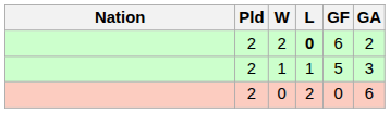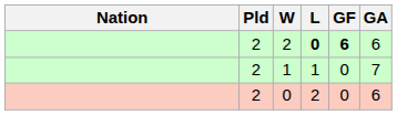 <table class=wikitable style="text-align:center">
 <tr>
 <th width=220>Nation</th>
 <th width=20>Pld</th>
 <th width=20>W</th>
 <th width=20>L</th>
 <th width=20>GF</th>
 <th width=20>GA</th>
 </tr>
 <tr bgcolor="#ccffcc">
 <td align=left></td>
 <td>2</td>
 <td>2</td>
 <td><strong>0</strong></td>
+<td><strong>6</strong></td>
 <td>6</td>
-<td>2</td>
 </tr>
 <tr bgcolor="#ccffcc">
 <td align=left></td>
 <td>2</td>
 <td>1</td>
 <td>1</td>
-<td>5</td>
-<td>3</td>
+<td>0</td>
+<td>7</td>
 </tr>
 <tr bgcolor="#fcccc">
 <td align=left></td>
 <td>2</td>
 <td>0</td>
 <td>2</td>
 <td>0</td>
 <td>6</td>
 </tr>
 </table>
